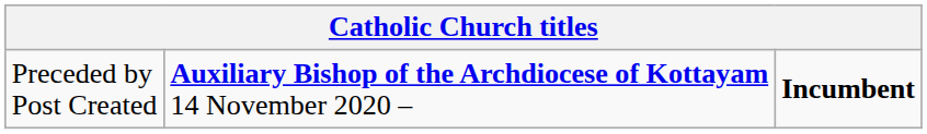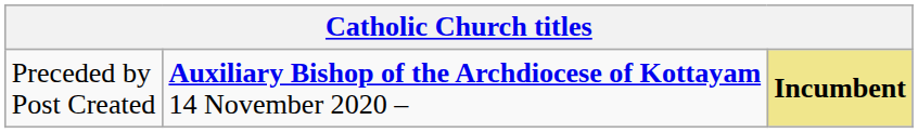 <table class="wikitable">
 <tr>
 <th colspan="3"><a href='#'>Catholic Church titles</a></th>
 </tr>
 <tr>
 <td rowspan="1">Preceded by<br>Post Created</td>
 <td rowspan="1"><strong><a href='#'>Auxiliary Bishop of the Archdiocese of Kottayam</a></strong><br>14 November 2020 –</td>
-<td rowspan="1"><strong>Incumbent</strong></td>
+<td rowspan="1" style="background: khaki;"><strong>Incumbent</strong></td>
 </tr>
 </table>
